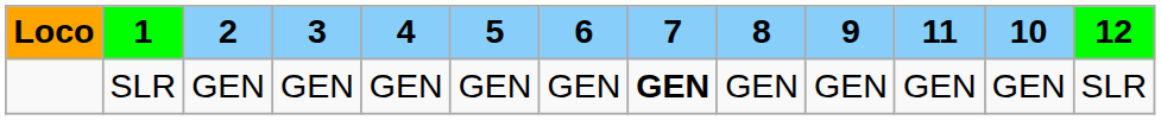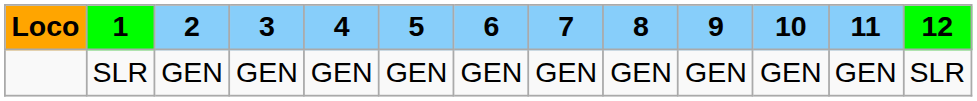 <table class="wikitable plainrowheaders unsortable" style="text-align:center">
 <tr>
 <th scope="col" rowspan="1" style="background:orange;">Loco</th>
 <th scope="col" rowspan="1" style="background:lime;">1</th>
 <th scope="col" rowspan="1" style="background:lightskyblue;">2</th>
 <th scope="col" rowspan="1" style="background:lightskyblue;">3</th>
 <th scope="col" rowspan="1" style="background:lightskyblue;">4</th>
 <th scope="col" rowspan="1" style="background:lightskyblue;">5</th>
 <th scope="col" rowspan="1" style="background:lightskyblue;">6</th>
 <th scope="col" rowspan="1" style="background:lightskyblue;">7</th>
 <th scope="col" rowspan="1" style="background:lightskyblue;">8</th>
 <th scope="col" rowspan="1" style="background:lightskyblue;">9</th>
+<th scope="col" rowspan="1" style="background:lightskyblue;">10</th>
 <th scope="col" rowspan="1" style="background:lightskyblue;">11</th>
-<th scope="col" rowspan="1" style="background:lightskyblue;">10</th>
 <th scope="col" rowspan="1" style="background:lime;">12</th>
 </tr>
 <tr>
 <td></td>
 <td>SLR</td>
 <td>GEN</td>
 <td>GEN</td>
 <td>GEN</td>
 <td>GEN</td>
 <td>GEN</td>
-<td><strong>GEN</strong></td>
+<td>GEN</td>
 <td>GEN</td>
 <td>GEN</td>
 <td>GEN</td>
 <td>GEN</td>
 <td>SLR</td>
 </tr>
 </table>
